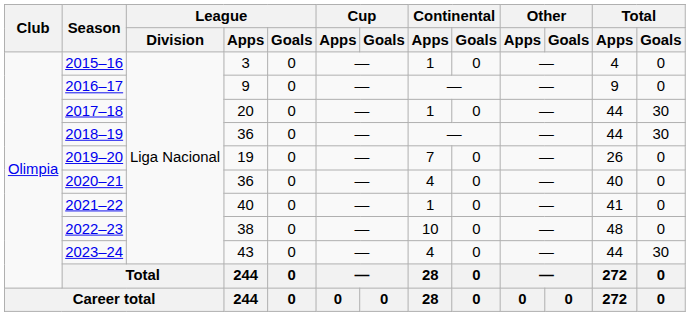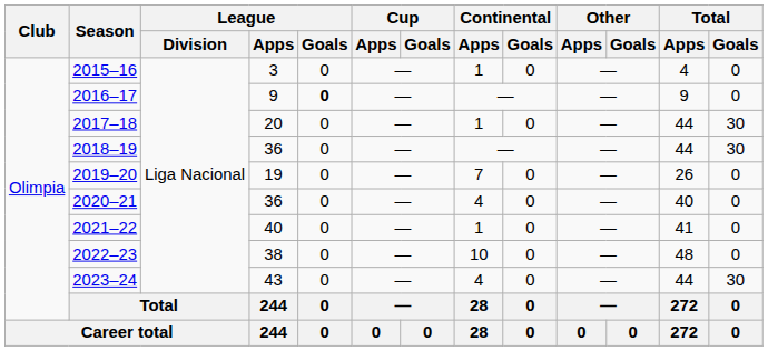 <table class="wikitable" style="text-align:center">
 <tr>
 <th rowspan="2">Club</th>
 <th rowspan="2">Season</th>
 <th colspan="3">League</th>
 <th colspan="2">Cup</th>
 <th colspan="2">Continental</th>
 <th colspan="2">Other</th>
 <th colspan="2">Total</th>
 </tr>
 <tr>
 <th>Division</th>
 <th>Apps</th>
 <th>Goals</th>
 <th>Apps</th>
 <th>Goals</th>
 <th>Apps</th>
 <th>Goals</th>
 <th>Apps</th>
 <th>Goals</th>
 <th>Apps</th>
 <th>Goals</th>
 </tr>
 <tr>
 <td rowspan="10"><a href='#'>Olimpia</a></td>
 <td><a href='#'>2015–16</a></td>
 <td rowspan="9">Liga Nacional</td>
 <td>3</td>
 <td>0</td>
 <td colspan="2">—</td>
 <td>1</td>
 <td>0</td>
 <td colspan="2">—</td>
 <td>4</td>
 <td>0</td>
 </tr>
 <tr>
 <td><a href='#'>2016–17</a></td>
 <td>9</td>
-<td>0</td>
+<td><strong>0</strong></td>
 <td colspan="2">—</td>
 <td colspan="2">—</td>
 <td colspan="2">—</td>
 <td>9</td>
 <td>0</td>
 </tr>
 <tr>
 <td><a href='#'>2017–18</a></td>
 <td>20</td>
 <td>0</td>
 <td colspan="2">—</td>
 <td>1</td>
 <td>0</td>
 <td colspan="2">—</td>
 <td>44</td>
 <td>30</td>
 </tr>
 <tr>
 <td><a href='#'>2018–19</a></td>
 <td>36</td>
 <td>0</td>
 <td colspan="2">—</td>
 <td colspan="2">—</td>
 <td colspan="2">—</td>
 <td>44</td>
 <td>30</td>
 </tr>
 <tr>
 <td><a href='#'>2019–20</a></td>
 <td>19</td>
 <td>0</td>
 <td colspan="2">—</td>
 <td>7</td>
 <td>0</td>
 <td colspan="2">—</td>
 <td>26</td>
 <td>0</td>
 </tr>
 <tr>
 <td><a href='#'>2020–21</a></td>
 <td>36</td>
 <td>0</td>
 <td colspan="2">—</td>
 <td>4</td>
 <td>0</td>
 <td colspan="2">—</td>
 <td>40</td>
 <td>0</td>
 </tr>
 <tr>
 <td><a href='#'>2021–22</a></td>
 <td>40</td>
 <td>0</td>
 <td colspan="2">—</td>
 <td>1</td>
 <td>0</td>
 <td colspan="2">—</td>
 <td>41</td>
 <td>0</td>
 </tr>
 <tr>
 <td><a href='#'>2022–23</a></td>
 <td>38</td>
 <td>0</td>
 <td colspan="2">—</td>
 <td>10</td>
 <td>0</td>
 <td colspan="2">—</td>
 <td>48</td>
 <td>0</td>
 </tr>
 <tr>
 <td><a href='#'>2023–24</a></td>
 <td>43</td>
 <td>0</td>
 <td colspan="2">—</td>
 <td>4</td>
 <td>0</td>
 <td colspan="2">—</td>
 <td>44</td>
 <td>30</td>
 </tr>
 <tr>
 <th colspan="2">Total</th>
 <th>244</th>
 <th>0</th>
 <th colspan="2">—</th>
 <th>28</th>
 <th>0</th>
 <th colspan="2">—</th>
 <th>272</th>
 <th>0</th>
 </tr>
 <tr>
 <th colspan="3">Career total</th>
 <th>244</th>
 <th>0</th>
 <th>0</th>
 <th>0</th>
 <th>28</th>
 <th>0</th>
 <th>0</th>
 <th>0</th>
 <th>272</th>
 <th>0</th>
 </tr>
 </table>
